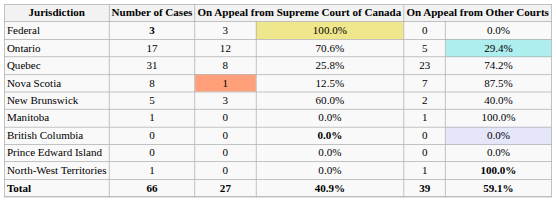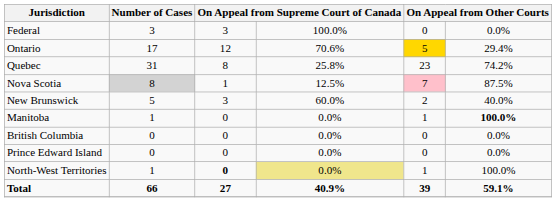 <table class="wikitable sortable">
 <tr>
 <th>Jurisdiction</th>
 <th>Number of Cases</th>
 <th colspan="2">On Appeal from Supreme Court of Canada</th>
 <th colspan="2">On Appeal from Other Courts</th>
 </tr>
 <tr>
 <td>Federal</td>
-<td style="text-align: center;"><strong>3</strong></td>
 <td style="text-align: center;">3</td>
-<td style="background: khaki; text-align: center;">100.0%</td>
+<td style="text-align: center;">3</td>
+<td style="text-align: center;">100.0%</td>
 <td style="text-align: center;">0</td>
 <td style="text-align: center;">0.0%</td>
 </tr>
 <tr>
 <td>Ontario</td>
 <td style="text-align: center;">17</td>
 <td style="text-align: center;">12</td>
 <td style="text-align: center;">70.6%</td>
-<td style="text-align: center;">5</td>
-<td style="background: paleturquoise; text-align: center;">29.4%</td>
+<td style="background: gold; text-align: center;">5</td>
+<td style="text-align: center;">29.4%</td>
 </tr>
 <tr>
 <td>Quebec</td>
 <td style="text-align: center;">31</td>
 <td style="text-align: center;">8</td>
 <td style="text-align: center;">25.8%</td>
 <td style="text-align: center;">23</td>
 <td style="text-align: center;">74.2%</td>
 </tr>
 <tr>
 <td>Nova Scotia</td>
-<td style="text-align: center;">8</td>
-<td style="background: lightsalmon; text-align: center;">1</td>
+<td style="background: lightgrey; text-align: center;">8</td>
+<td style="text-align: center;">1</td>
 <td style="text-align: center;">12.5%</td>
-<td style="text-align: center;">7</td>
+<td style="background: pink; text-align: center;">7</td>
 <td style="text-align: center;">87.5%</td>
 </tr>
 <tr>
 <td>New Brunswick</td>
 <td style="text-align: center;">5</td>
 <td style="text-align: center;">3</td>
 <td style="text-align: center;">60.0%</td>
 <td style="text-align: center;">2</td>
 <td style="text-align: center;">40.0%</td>
 </tr>
 <tr>
 <td>Manitoba</td>
 <td style="text-align: center;">1</td>
 <td style="text-align: center;">0</td>
 <td style="text-align: center;">0.0%</td>
 <td style="text-align: center;">1</td>
-<td style="text-align: center;">100.0%</td>
+<td style="text-align: center;"><strong>100.0%</strong></td>
 </tr>
 <tr>
 <td>British Columbia</td>
 <td style="text-align: center;">0</td>
 <td style="text-align: center;">0</td>
-<td style="text-align: center;"><strong>0.0%</strong></td>
+<td style="text-align: center;">0.0%</td>
 <td style="text-align: center;">0</td>
-<td style="background: lavender; text-align: center;">0.0%</td>
+<td style="text-align: center;">0.0%</td>
 </tr>
 <tr>
 <td>Prince Edward Island</td>
 <td style="text-align: center;">0</td>
 <td style="text-align: center;">0</td>
 <td style="text-align: center;">0.0%</td>
 <td style="text-align: center;">0</td>
 <td style="text-align: center;">0.0%</td>
 </tr>
 <tr>
 <td>North-West Territories</td>
 <td style="text-align: center;">1</td>
-<td style="text-align: center;">0</td>
-<td style="text-align: center;">0.0%</td>
+<td style="text-align: center;"><strong>0</strong></td>
+<td style="background: khaki; text-align: center;">0.0%</td>
 <td style="text-align: center;">1</td>
-<td style="text-align: center;"><strong>100.0%</strong></td>
+<td style="text-align: center;">100.0%</td>
 </tr>
 <tr>
 <td><strong>Total</strong></td>
 <td style="text-align: center;"><strong>66</strong></td>
 <td style="text-align: center;"><strong>27</strong></td>
 <td style="text-align: center;"><strong>40.9%</strong></td>
 <td style="text-align: center;"><strong>39</strong></td>
 <td style="text-align: center;"><strong>59.1%</strong></td>
 </tr>
 <tr>
 </tr>
 </table>
